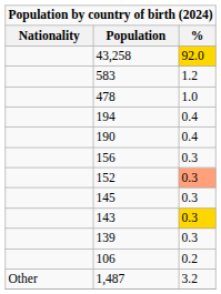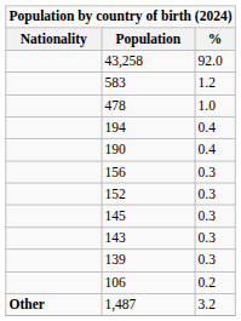 <table class="wikitable" style="float:right;">
 <tr>
 <td colspan="3"><strong>Population by country of birth (2024)</strong></td>
 </tr>
 <tr \>
 <th>Nationality</th>
 <th>Population</th>
 <th>%</th>
 </tr>
 <tr>
 <td></td>
 <td>43,258</td>
-<td style="background: gold;">92.0</td>
+<td>92.0</td>
 </tr>
 <tr>
 <td></td>
 <td>583</td>
 <td>1.2</td>
 </tr>
 <tr>
 <td></td>
 <td>478</td>
 <td>1.0</td>
 </tr>
 <tr>
 <td></td>
 <td>194</td>
 <td>0.4</td>
 </tr>
 <tr>
 <td></td>
 <td>190</td>
 <td>0.4</td>
 </tr>
 <tr>
 <td></td>
 <td>156</td>
 <td>0.3</td>
 </tr>
 <tr>
 <td></td>
 <td>152</td>
-<td style="background: lightsalmon;">0.3</td>
+<td>0.3</td>
 </tr>
 <tr>
 <td></td>
 <td>145</td>
 <td>0.3</td>
 </tr>
 <tr>
 <td></td>
 <td>143</td>
-<td style="background: gold;">0.3</td>
+<td>0.3</td>
 </tr>
 <tr>
 <td></td>
 <td>139</td>
 <td>0.3</td>
 </tr>
 <tr>
 <td></td>
 <td>106</td>
 <td>0.2</td>
 </tr>
 <tr>
-<td>Other</td>
+<td><strong>Other</strong></td>
 <td>1,487</td>
 <td>3.2</td>
 </tr>
 <tr>
 </tr>
 </table>
